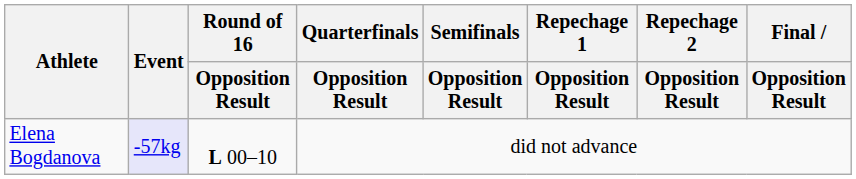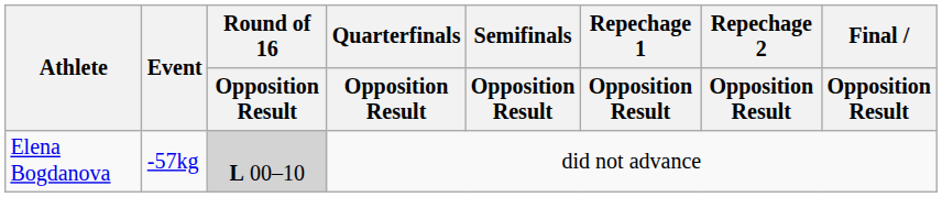 <table class= wikitable style="font-size:90%">
 <tr>
 <th rowspan="2">Athlete</th>
 <th rowspan="2">Event</th>
 <th>Round of 16</th>
 <th>Quarterfinals</th>
 <th>Semifinals</th>
 <th>Repechage 1</th>
 <th>Repechage 2</th>
 <th>Final / </th>
 </tr>
 <tr>
 <th>Opposition<br>Result</th>
 <th>Opposition<br>Result</th>
 <th>Opposition<br>Result</th>
 <th>Opposition<br>Result</th>
 <th>Opposition<br>Result</th>
 <th>Opposition<br>Result</th>
 </tr>
 <tr align=center>
 <td align=left><a href='#'>Elena Bogdanova</a></td>
-<td align=left style="background: lavender;"><a href='#'>-57kg</a></td>
-<td><br><strong>L</strong> 00–10</td>
+<td align=left><a href='#'>-57kg</a></td>
+<td style="background: lightgrey;"><br><strong>L</strong> 00–10</td>
 <td colspan=5>did not advance</td>
 </tr>
 </table>
